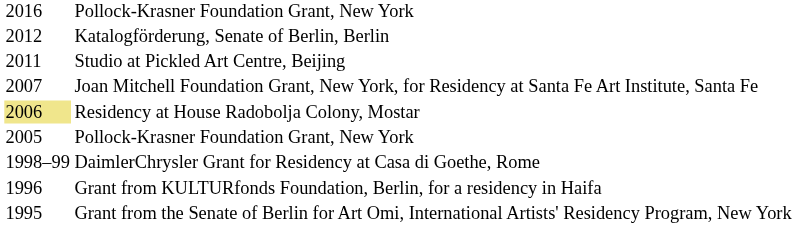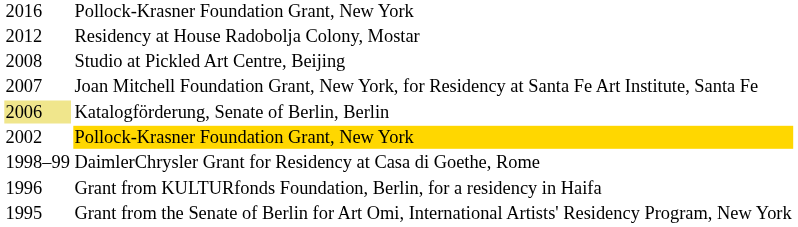 <table>
 <tr>
 <td>2016</td>
 <td>Pollock-Krasner Foundation Grant, New York</td>
 </tr>
 <tr>
 <td>2012</td>
-<td>Katalogförderung, Senate of Berlin, Berlin</td>
+<td>Residency at House Radobolja Colony, Mostar</td>
 </tr>
 <tr>
-<td>2011</td>
+<td>2008</td>
 <td>Studio at Pickled Art Centre, Beijing</td>
 </tr>
 <tr>
 <td>2007</td>
 <td>Joan Mitchell Foundation Grant, New York, for Residency at Santa Fe Art Institute, Santa Fe</td>
 </tr>
 <tr>
 <td style="background: khaki;">2006</td>
-<td>Residency at House Radobolja Colony, Mostar</td>
+<td>Katalogförderung, Senate of Berlin, Berlin</td>
 </tr>
 <tr>
-<td>2005</td>
-<td>Pollock-Krasner Foundation Grant, New York</td>
+<td>2002</td>
+<td style="background: gold;">Pollock-Krasner Foundation Grant, New York</td>
 </tr>
 <tr>
 <td>1998–99</td>
 <td>DaimlerChrysler Grant for Residency at Casa di Goethe, Rome</td>
 </tr>
 <tr>
 <td>1996</td>
 <td>Grant from KULTURfonds Foundation, Berlin, for a residency in Haifa</td>
 </tr>
 <tr>
 <td>1995</td>
 <td>Grant from the Senate of Berlin for Art Omi, International Artists' Residency Program, New York</td>
 </tr>
 </table>
